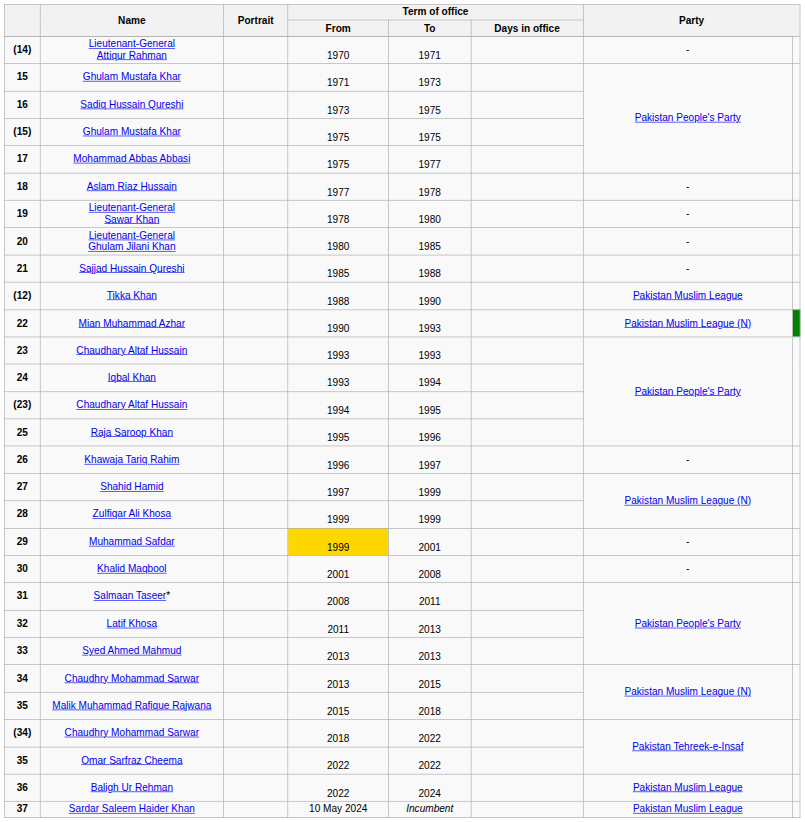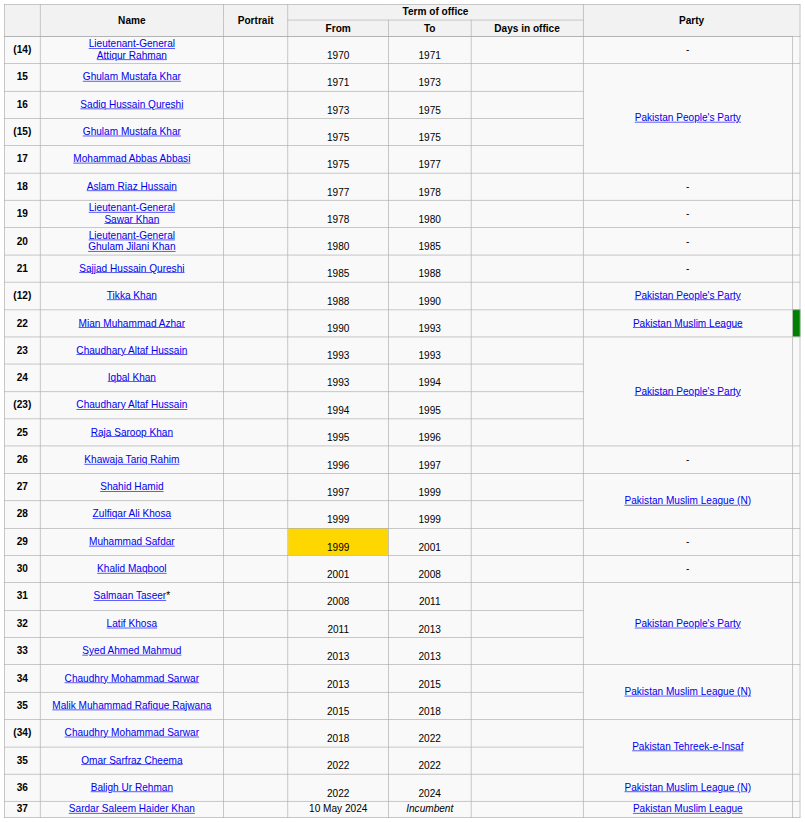 <table class="wikitable sortable" style="width:100%; text-align:center">
 <tr>
 <th rowspan="2" scope="col"></th>
 <th rowspan="2" style="width:23%;" scope="col">Name</th>
 <th rowspan="2" scope="col">Portrait</th>
 <th colspan="3">Term of office</th>
 <th rowspan="2" colspan="2" scope="col">Party</th>
 </tr>
 <tr>
 <th>From</th>
 <th>To</th>
 <th>Days in office</th>
 </tr>
 <tr align="center">
 </tr>
 <tr>
 <td><strong>(14)</strong></td>
 <td><a href='#'>Lieutenant-General</a><br> <a href='#'>Attiqur Rahman</a></td>
 <td></td>
 <td><br>1970</td>
 <td><br>1971</td>
 <td></td>
 <td>-</td>
 </tr>
 <tr>
 <td><strong>15</strong></td>
 <td><a href='#'>Ghulam Mustafa Khar</a></td>
 <td></td>
 <td><br>1971</td>
 <td><br>1973</td>
 <td></td>
 <td rowspan="4"><a href='#'>Pakistan People's Party</a></td>
 <td rowspan="4"></td>
 </tr>
 <tr>
 <td><strong>16</strong></td>
 <td><a href='#'>Sadiq Hussain Qureshi</a></td>
 <td></td>
 <td><br>1973</td>
 <td><br>1975</td>
 <td></td>
 </tr>
 <tr>
 <td><strong>(15)</strong></td>
 <td><a href='#'>Ghulam Mustafa Khar</a></td>
 <td></td>
 <td><br>1975</td>
 <td><br>1975</td>
 <td></td>
 </tr>
 <tr>
 <td><strong>17</strong></td>
 <td><a href='#'>Mohammad Abbas Abbasi</a></td>
 <td></td>
 <td><br>1975</td>
 <td><br>1977</td>
 <td></td>
 </tr>
 <tr>
 <td><strong>18</strong></td>
 <td><a href='#'>Aslam Riaz Hussain</a></td>
 <td></td>
 <td><br>1977</td>
 <td><br>1978</td>
 <td></td>
 <td>-</td>
 <td></td>
 </tr>
 <tr>
 <td><strong>19</strong></td>
 <td><a href='#'>Lieutenant-General</a><br> <a href='#'>Sawar Khan</a></td>
 <td></td>
 <td><br>1978</td>
 <td><br>1980</td>
 <td></td>
 <td>-</td>
 <td></td>
 </tr>
 <tr>
 <td><strong>20</strong></td>
 <td><a href='#'>Lieutenant-General</a><br><a href='#'>Ghulam Jilani Khan</a></td>
 <td></td>
 <td><br>1980</td>
 <td><br>1985</td>
 <td></td>
 <td>-</td>
 <td></td>
 </tr>
 <tr>
 <td><strong>21</strong></td>
 <td><a href='#'>Sajjad Hussain Qureshi</a></td>
 <td></td>
 <td><br>1985</td>
 <td><br>1988</td>
 <td></td>
 <td>-</td>
 <td></td>
 </tr>
 <tr>
 <td><strong>(12)</strong></td>
 <td><a href='#'>Tikka Khan</a></td>
 <td></td>
 <td><br>1988</td>
 <td><br>1990</td>
 <td></td>
-<td><a href='#'>Pakistan Muslim League</a></td>
+<td><a href='#'>Pakistan People's Party</a></td>
 <td></td>
 </tr>
 <tr>
 <td><strong>22</strong></td>
 <td><a href='#'>Mian Muhammad Azhar</a></td>
 <td></td>
 <td><br>1990</td>
 <td><br>1993</td>
 <td></td>
-<td><a href='#'>Pakistan Muslim League (N)</a></td>
+<td><a href='#'>Pakistan Muslim League</a></td>
 <td style="background-color: #008000;"></td>
 </tr>
 <tr>
 <td><strong>23</strong></td>
 <td><a href='#'>Chaudhary Altaf Hussain</a></td>
 <td></td>
 <td><br>1993</td>
 <td><br>1993</td>
 <td></td>
 <td rowspan="4"><a href='#'>Pakistan People's Party</a></td>
 <td rowspan="4"></td>
 </tr>
 <tr>
 <td><strong>24</strong></td>
 <td><a href='#'>Iqbal Khan</a></td>
 <td></td>
 <td><br>1993</td>
 <td><br>1994</td>
 <td></td>
 </tr>
 <tr>
 <td><strong>(23)</strong></td>
 <td><a href='#'>Chaudhary Altaf Hussain</a></td>
 <td></td>
 <td><br>1994</td>
 <td><br>1995</td>
 <td></td>
 </tr>
 <tr>
 <td><strong>25</strong></td>
 <td><a href='#'>Raja Saroop Khan</a></td>
 <td></td>
 <td><br>1995</td>
 <td><br>1996</td>
 <td></td>
 </tr>
 <tr>
 <td><strong>26</strong></td>
 <td><a href='#'>Khawaja Tariq Rahim</a></td>
 <td></td>
 <td><br>1996</td>
 <td><br>1997</td>
 <td></td>
 <td>-</td>
 </tr>
 <tr>
 <td><strong>27</strong></td>
 <td><a href='#'>Shahid Hamid</a></td>
 <td></td>
 <td><br>1997</td>
 <td><br>1999</td>
 <td></td>
 <td rowspan="2"><a href='#'>Pakistan Muslim League (N)</a></td>
 <td rowspan="2"></td>
 </tr>
 <tr>
 <td><strong>28</strong></td>
 <td><a href='#'>Zulfiqar Ali Khosa</a></td>
 <td></td>
 <td><br>1999</td>
 <td><br>1999</td>
 <td></td>
 </tr>
 <tr>
 <td><strong>29</strong></td>
 <td><a href='#'>Muhammad Safdar</a></td>
 <td></td>
 <td style="background: gold;"><br>1999</td>
 <td><br>2001</td>
 <td></td>
 <td>-</td>
 <td></td>
 </tr>
 <tr>
 <td><strong>30</strong></td>
 <td><a href='#'>Khalid Maqbool</a></td>
 <td></td>
 <td><br>2001</td>
 <td><br>2008</td>
 <td></td>
 <td>-</td>
 <td></td>
 </tr>
 <tr>
 <td><strong>31</strong></td>
 <td><a href='#'>Salmaan Taseer</a>*</td>
 <td></td>
 <td><br>2008</td>
 <td><br>2011</td>
 <td></td>
 <td rowspan="3"><a href='#'>Pakistan People's Party</a></td>
 <td rowspan="3"></td>
 </tr>
 <tr>
 <td><strong>32</strong></td>
 <td><a href='#'>Latif Khosa</a></td>
 <td></td>
 <td><br>2011</td>
 <td><br>2013</td>
 <td></td>
 </tr>
 <tr>
 <td><strong>33</strong></td>
 <td><a href='#'>Syed Ahmed Mahmud</a></td>
 <td></td>
 <td><br>2013</td>
 <td><br>2013</td>
 <td></td>
 </tr>
 <tr>
 <td><strong>34</strong></td>
 <td><a href='#'>Chaudhry Mohammad Sarwar</a></td>
 <td></td>
 <td><br>2013</td>
 <td><br>2015</td>
 <td></td>
 <td rowspan="2"><a href='#'>Pakistan Muslim League (N)</a></td>
 <td rowspan="2"></td>
 </tr>
 <tr>
 <td><strong>35</strong></td>
 <td><a href='#'>Malik Muhammad Rafique Rajwana</a></td>
 <td></td>
 <td><br>2015</td>
 <td><br>2018</td>
 <td></td>
 </tr>
 <tr>
 <td><strong>(34)</strong></td>
 <td><a href='#'>Chaudhry Mohammad Sarwar</a></td>
 <td></td>
 <td><br>2018</td>
 <td><br>2022</td>
 <td></td>
 <td rowspan="2"><a href='#'>Pakistan Tehreek-e-Insaf</a></td>
 <td rowspan="2"></td>
 </tr>
 <tr>
 <td><strong>35</strong></td>
 <td><a href='#'>Omar Sarfraz Cheema</a></td>
 <td></td>
 <td><br>2022</td>
 <td><br>2022</td>
 <td></td>
 </tr>
 <tr>
 <td><strong>36</strong></td>
 <td><a href='#'>Baligh Ur Rehman</a></td>
 <td></td>
 <td><br>2022</td>
 <td><br>2024</td>
 <td></td>
-<td><a href='#'>Pakistan Muslim League</a></td>
+<td><a href='#'>Pakistan Muslim League (N)</a></td>
 <td></td>
 </tr>
 <tr>
 <td><strong>37</strong></td>
 <td><a href='#'>Sardar Saleem Haider Khan</a></td>
 <td></td>
 <td>10 May 2024</td>
 <td><em>Incumbent</em></td>
 <td></td>
 <td><a href='#'>Pakistan Muslim League</a></td>
 <td></td>
 </tr>
 </table>
